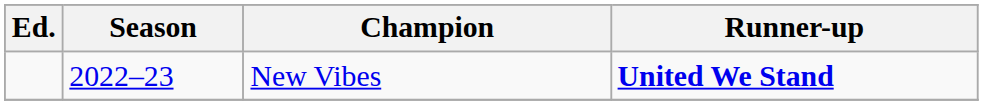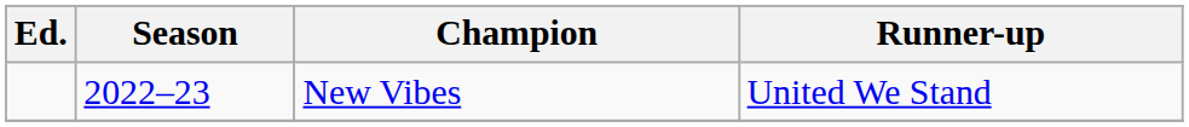 <table class="wikitable sortable">
 <tr>
 <th width=px>Ed.</th>
 <th width=90px>Season</th>
 <th width=190px>Champion</th>
 <th width=190px>Runner-up</th>
 </tr>
 <tr>
 <td></td>
 <td><a href='#'>2022–23</a></td>
 <td><a href='#'>New Vibes</a></td>
-<td><strong><a href='#'>United We Stand</a></strong></td>
+<td><a href='#'>United We Stand</a></td>
 </tr>
 <tr>
 </tr>
 </table>
